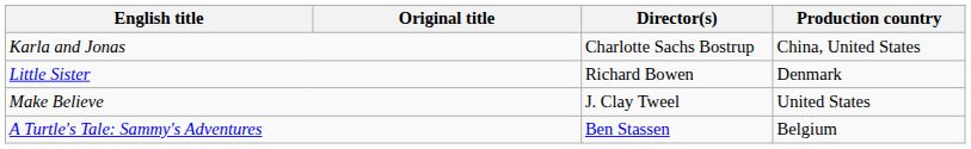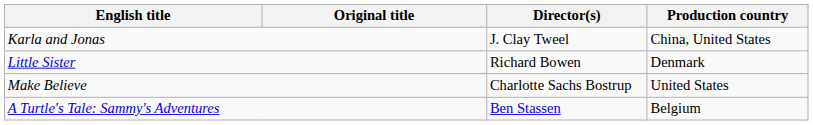 <table class="sortable wikitable" width="100%">
 <tr>
 <th scope="col" width="32%">English title</th>
 <th scope="col" width="28%">Original title</th>
 <th scope="col" width="20%">Director(s)</th>
 <th scope="col" width="20%">Production country</th>
 </tr>
 <tr>
 <td colspan=2><em>Karla and Jonas</em></td>
-<td>Charlotte Sachs Bostrup</td>
+<td>J. Clay Tweel</td>
 <td>China, United States</td>
 </tr>
 <tr>
 <td colspan=2><em><a href='#'>Little Sister</a></em></td>
 <td>Richard Bowen</td>
 <td>Denmark</td>
 </tr>
 <tr>
 <td colspan=2><em>Make Believe</em></td>
-<td>J. Clay Tweel</td>
+<td>Charlotte Sachs Bostrup</td>
 <td>United States</td>
 </tr>
 <tr>
 <td colspan=2><em><a href='#'>A Turtle's Tale: Sammy's Adventures</a></em></td>
 <td><a href='#'>Ben Stassen</a></td>
 <td>Belgium</td>
 </tr>
 </table>
